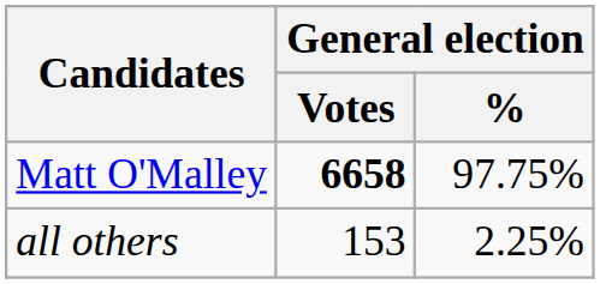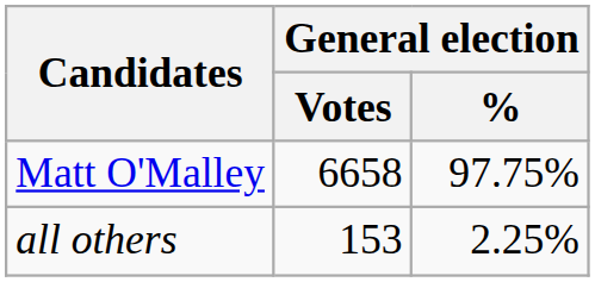 <table class=wikitable>
 <tr>
 <th colspan=1 rowspan=2><strong>Candidates</strong></th>
 <th colspan=2><strong>General election</strong></th>
 </tr>
 <tr>
 <th>Votes</th>
 <th>%</th>
 </tr>
 <tr>
 <td><a href='#'>Matt O'Malley</a></td>
-<td align="right"><strong>6658</strong></td>
+<td align="right">6658</td>
 <td align="right">97.75%</td>
 </tr>
 <tr>
 <td><em>all others</em></td>
 <td align="right">153</td>
 <td align="right">2.25%</td>
 </tr>
 </table>
